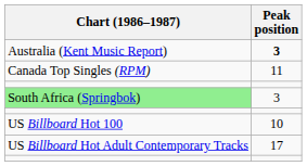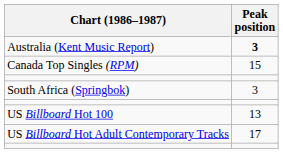 <table class="wikitable sortable">
 <tr>
 <th>Chart (1986–1987)</th>
 <th>Peak<br>position</th>
 </tr>
 <tr>
 <td>Australia (<a href='#'>Kent Music Report</a>)</td>
 <td style="text-align:center;"><strong>3</strong></td>
 </tr>
 <tr>
 <td>Canada Top Singles <em>(<a href='#'>RPM</a>)</em></td>
-<td style="text-align:center;">11</td>
+<td style="text-align:center;">15</td>
 </tr>
 <tr>
 <td></td>
 </tr>
 <tr>
-<td style="background: lightgreen;">South Africa (<a href='#'>Springbok</a>)</td>
+<td>South Africa (<a href='#'>Springbok</a>)</td>
 <td style="text-align:center;">3</td>
 </tr>
 <tr>
 <td></td>
 </tr>
 <tr>
 <td>US <a href='#'><em>Billboard</em> Hot 100</a></td>
-<td align="center">10</td>
+<td align="center">13</td>
 </tr>
 <tr>
 <td>US <a href='#'><em>Billboard</em> Hot Adult Contemporary Tracks</a></td>
 <td align="center">17</td>
 </tr>
 <tr>
 <td></td>
 </tr>
 </table>
